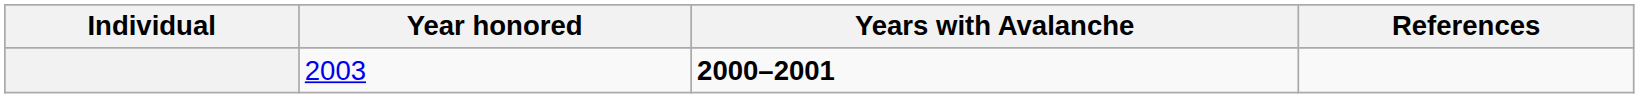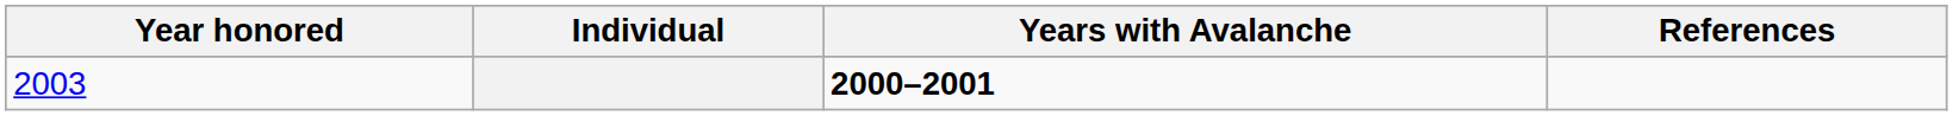 <table class="wikitable sortable" width="75%">
 <tr>
+<th scope="col">Year honored</th>
 <th scope="col">Individual</th>
-<th scope="col">Year honored</th>
 <th scope="col">Years with Avalanche</th>
 <th scope="col" class="unsortable">References</th>
 </tr>
 <tr>
+<td><a href='#'>2003</a></td>
 <th scope="row"></th>
-<td><a href='#'>2003</a></td>
 <td><strong>2000–2001</strong></td>
 <td></td>
 </tr>
 </table>
